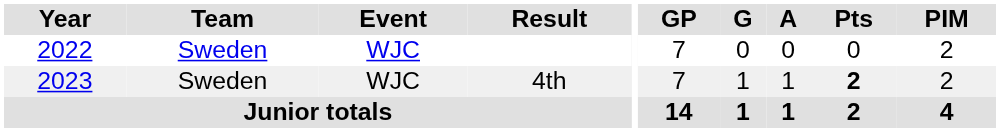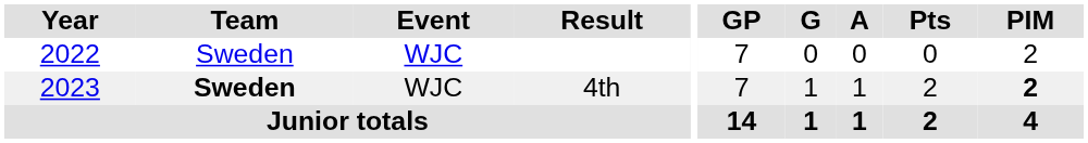 <table border="0" cellpadding="1" cellspacing="0" ID="Table3" style="text-align:center; width:40em">
 <tr bgcolor="#e0e0e0">
 <th>Year</th>
 <th>Team</th>
 <th>Event</th>
 <th>Result</th>
 <th rowspan="102" bgcolor="#ffffff"></th>
 <th>GP</th>
 <th>G</th>
 <th>A</th>
 <th>Pts</th>
 <th>PIM</th>
 </tr>
 <tr>
 <td><a href='#'>2022</a></td>
 <td><a href='#'>Sweden</a></td>
 <td><a href='#'>WJC</a></td>
 <td></td>
 <td>7</td>
 <td>0</td>
 <td>0</td>
 <td>0</td>
 <td>2</td>
 </tr>
 <tr bgcolor="#f0f0f0">
 <td><a href='#'>2023</a></td>
-<td>Sweden</td>
+<td><strong>Sweden</strong></td>
 <td>WJC</td>
 <td>4th</td>
 <td>7</td>
 <td>1</td>
 <td>1</td>
+<td>2</td>
 <td><strong>2</strong></td>
-<td>2</td>
 </tr>
 <tr bgcolor="#e0e0e0">
 <th colspan="4">Junior totals</th>
 <th>14</th>
 <th>1</th>
 <th>1</th>
 <th>2</th>
 <th>4</th>
 </tr>
 </table>
